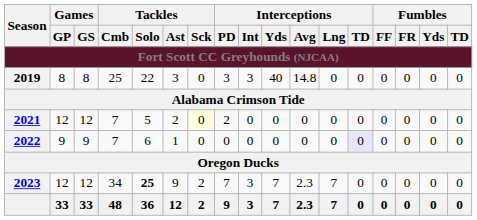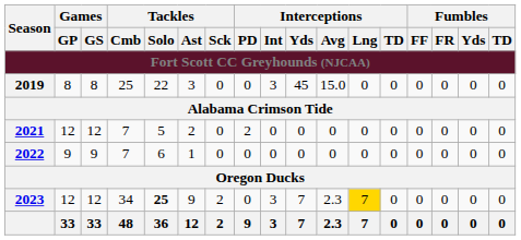 <table class="wikitable" style="text-align:center;">
 <tr>
 <th rowspan="2">Season</th>
 <th colspan="2">Games</th>
 <th colspan="4">Tackles</th>
 <th colspan="6">Interceptions</th>
 <th colspan="4">Fumbles</th>
 </tr>
 <tr>
 <th>GP</th>
 <th>GS</th>
 <th>Cmb</th>
 <th>Solo</th>
 <th>Ast</th>
 <th>Sck</th>
 <th>PD</th>
 <th>Int</th>
 <th>Yds</th>
 <th>Avg</th>
 <th>Lng</th>
 <th>TD</th>
 <th>FF</th>
 <th>FR</th>
 <th>Yds</th>
 <th>TD</th>
 </tr>
 <tr>
 <th colspan="17" style="background-color:#5b122b;color:#808080;box-shadow: inset 2px 2px 0 #808080, inset −2px −2px 0 #808080;">Fort Scott CC Greyhounds <small>(NJCAA)</small></th>
 </tr>
 <tr>
 <th>2019</th>
 <td>8</td>
 <td>8</td>
 <td>25</td>
 <td>22</td>
 <td>3</td>
 <td>0</td>
+<td>0</td>
 <td>3</td>
-<td>3</td>
-<td>40</td>
-<td>14.8</td>
+<td>45</td>
+<td>15.0</td>
 <td>0</td>
 <td>0</td>
 <td>0</td>
 <td>0</td>
 <td>0</td>
 <td>0</td>
 </tr>
 <tr>
 <th colspan="17">Alabama Crimson Tide</th>
 </tr>
 <tr>
 <th><a href='#'>2021</a></th>
 <td>12</td>
 <td>12</td>
 <td>7</td>
 <td>5</td>
 <td>2</td>
-<td style="background: lightyellow;">0</td>
+<td>0</td>
 <td>2</td>
 <td>0</td>
 <td>0</td>
 <td>0</td>
 <td>0</td>
 <td>0</td>
 <td>0</td>
 <td>0</td>
 <td>0</td>
 <td>0</td>
 </tr>
 <tr>
 <th><a href='#'>2022</a></th>
 <td>9</td>
 <td>9</td>
 <td>7</td>
 <td>6</td>
 <td>1</td>
 <td>0</td>
 <td>0</td>
 <td>0</td>
 <td>0</td>
 <td>0</td>
 <td>0</td>
-<td style="background: lavender;">0</td>
+<td>0</td>
 <td>0</td>
 <td>0</td>
 <td>0</td>
 <td>0</td>
 </tr>
 <tr>
 <th colspan="17">Oregon Ducks</th>
 </tr>
 <tr>
 <th><a href='#'>2023</a></th>
 <td>12</td>
 <td>12</td>
 <td>34</td>
 <td><strong>25</strong></td>
 <td>9</td>
 <td>2</td>
-<td>7</td>
+<td>0</td>
 <td>3</td>
 <td>7</td>
 <td>2.3</td>
-<td>7</td>
+<td style="background: gold;">7</td>
 <td>0</td>
 <td>0</td>
 <td>0</td>
 <td>0</td>
 <td>0</td>
 </tr>
 <tr>
 <th></th>
 <th>33</th>
 <th>33</th>
 <th>48</th>
 <th>36</th>
 <th>12</th>
 <th>2</th>
 <th>9</th>
 <th>3</th>
 <th>7</th>
 <th>2.3</th>
 <th>7</th>
 <th>0</th>
 <th>0</th>
 <th>0</th>
 <th>0</th>
 <th>0</th>
 </tr>
 </table>
